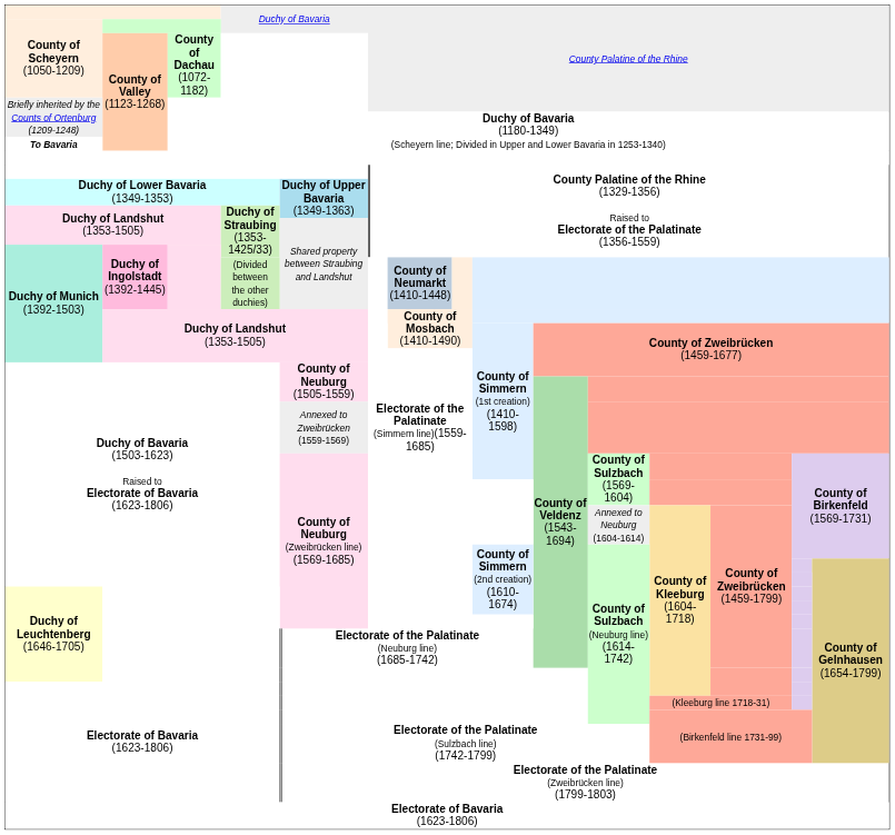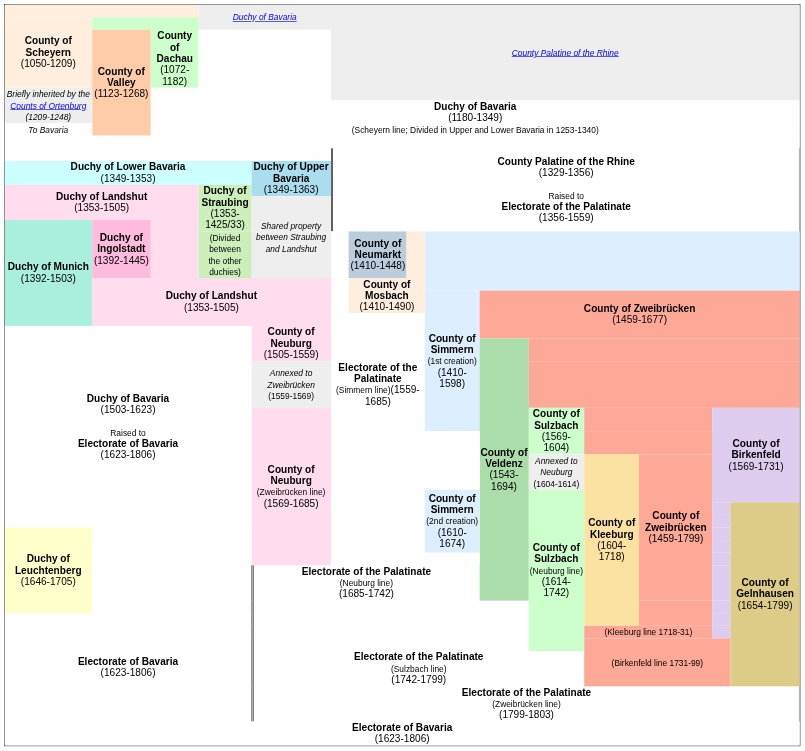 <table style="margin:auto; border-spacing:0; border:1px solid black; text-align:center;">
 <tr>
 <td colspan=3 style="background: #fed;">      </td>
 <td colspan=2 rowspan=3 style="background: #eee;"><small><em><a href='#'>Duchy of Bavaria</a></em></small></td>
 <td colspan=10 rowspan=6 style="background: #eee;"><small><em><a href='#'>County Palatine of the Rhine</a></em></small></td>
 </tr>
 <tr>
 <td colspan=1 rowspan=4 style="background: #fed;"><strong>County of Scheyern</strong><br>(1050-1209)</td>
 <td colspan=2 style="background: #cfc;">      </td>
 </tr>
 <tr>
 <td colspan=1 rowspan="6" style="background: #fca;"><strong>County of Valley</strong><br>(1123-1268)</td>
 <td colspan=1 rowspan="2" style="background: #cfc;"><strong>County of Dachau</strong><br>(1072-1182)</td>
 </tr>
 <tr>
 <td colspan=2 style="background: #fff;">      </td>
 </tr>
 <tr>
 <td colspan=3 rowspan=2 style="background: #fff;">      </td>
 </tr>
 <tr>
 <td colspan=1 rowspan="2" style="background: #eee;"><small><em>Briefly inherited by the <a href='#'>Counts of Ortenburg</a><br>(1209-1248)</em></small></td>
 </tr>
 <tr>
 <td colspan=14 rowspan="2" style="background: #fff;"><strong>Duchy of Bavaria</strong><br>(1180-1349)<br><small>(Scheyern line; Divided in <span>Upper</span> and <span>Lower</span> Bavaria in 1253-1340)</small></td>
 </tr>
 <tr>
-<td colspan=1 style="background: #fff;"><strong><small><em>To Bavaria</em></small></strong></td>
+<td colspan=1 style="background: #fff;"><small><em>To Bavaria</em></small></td>
 </tr>
 <tr>
 <td colspan=15 style="background: #fff;">      </td>
 </tr>
 <tr>
 <td colspan=5 style="background: #fff;">      </td>
 <td colspan=10 rowspan=5 style="border-left: double;"  style="background: #fff;"><strong>County Palatine of the Rhine</strong><br>(1329-1356)<br><br><small>Raised to</small><br><strong>Electorate of the Palatinate</strong><br>(1356-1559)</td>
 </tr>
 <tr>
 <td colspan=4 style="background: #cff;"><strong>Duchy of Lower Bavaria</strong><br>(1349-1353)</td>
 <td colspan=1 rowspan="2" style="background: #ade;"><strong>Duchy of Upper Bavaria</strong><br>(1349-1363)</td>
 </tr>
 <tr>
 <td colspan=3 rowspan="2" style="background: #fde;"><strong>Duchy of Landshut</strong><br>(1353-1505)</td>
 <td colspan=1 rowspan=3 style="background: #ceb;"><strong>Duchy of<br>Straubing</strong><br>(1353-1425/33)</td>
 </tr>
 <tr>
 <td colspan=1 rowspan=3 style="background: #eee;"><em><small>Shared property between Straubing and Landshut</small></em></td>
 </tr>
 <tr>
 <td colspan=1 rowspan=5 style="background: #aed;"><strong>Duchy of Munich</strong><br>(1392-1503)</td>
 <td colspan=1 rowspan=2 style="background: #fbd;"><strong>Duchy of Ingolstadt</strong><br>(1392-1445)</td>
 <td colspan=1 rowspan=2 style="background: #fde;">      </td>
 </tr>
 <tr>
 <td colspan=1 style="background: #ceb;"><small>(Divided between<br>the other duchies)</small></td>
 <td colspan=1 style="background: #fff;">      </td>
 <td colspan=1 style="background: #bcd;"><strong>County of Neumarkt</strong><br>(1410-1448)</td>
 <td colspan=1 style="background: #fedf;">      </td>
 <td colspan=7 style="background: #def;">      </td>
 </tr>
 <tr>
 <td colspan=4 rowspan=3 style="background: #fde;"><strong>Duchy of Landshut</strong><br>(1353-1505)</td>
 <td colspan=1 style="background: #fff;">      </td>
 <td colspan=2 rowspan=2 style="background: #fedf;"><strong>County of<br>Mosbach</strong><br>(1410-1490)</td>
 <td colspan=7 style="background: #def;">      </td>
 </tr>
 <tr>
 <td colspan=1 style="background: #fff;">      </td>
 <td colspan=1 rowspan=6 style="background: #def;"><strong>County of Simmern</strong><br><small>(1st creation)</small><br>(1410-1598)</td>
 <td colspan=6 rowspan=3 style="background: #fea898;"><strong>County of Zweibrücken</strong><br>(1459-1677)</td>
 </tr>
 <tr>
 <td colspan=3 style="background: #fff;">      </td>
 </tr>
 <tr>
 <td colspan=4 rowspan=9 style="background: #fff;"><strong>Duchy of Bavaria</strong><br>(1503-1623)<br><br><small>Raised to</small><br><strong>Electorate of Bavaria</strong><br>(1623-1806)</td>
 <td colspan=1 rowspan="2" style="background: #fde;"><strong>County of Neuburg</strong><br>(1505-1559)</td>
 <td colspan=3 style="background: #fff;">      </td>
 </tr>
 <tr>
 <td colspan=3 style="background: #fff;">      </td>
 <td colspan=1 rowspan=12 style="background: #ada;"><strong>County of Veldenz</strong><br>(1543-1694)</td>
 <td colspan=5 style="background: #fea898;">      </td>
 </tr>
 <tr>
 <td colspan=1 style="background: #eee;"><small><em>Annexed to Zweibrücken</em><br>(1559-1569)</small></td>
 <td colspan=3 style="background: #fff;"><strong>Electorate of the Palatinate</strong><br><small>(<span>Simmern line</span>)</small>(1559-1685)</td>
 <td colspan=5 style="background: #fea898;">      </td>
 </tr>
 <tr>
 <td colspan=1 rowspan="9" style="background: #fde;"><strong>County of Neuburg</strong><br><small>(<span>Zweibrücken line</span>)</small><br>(1569-1685)</td>
 <td colspan=3 style="background: #fff;">      </td>
 <td colspan=1 rowspan="2" style="background: #cfc;"><strong>County of Sulzbach</strong><br>(1569-1604)</td>
 <td colspan=2 style="background: #fea898;"></td>
 <td colspan=2 rowspan=4 style="background: #dce;"><strong>County of Birkenfeld</strong><br>(1569-1731)</td>
 </tr>
 <tr>
 <td colspan=4 style="background: #fff;">      </td>
 <td colspan=2 style="background: #fea898;">      </td>
 </tr>
 <tr>
 <td colspan=4 style="background: #fff;">      </td>
 <td colspan=1 style="background: #eee;"><small><em>Annexed to Neuburg</em><br>(1604-1614)</small></td>
 <td colspan=1 rowspan=10 style="background: #fbe2a2;"><strong>County of Kleeburg</strong><br>(1604-1718)</td>
 <td colspan=1 rowspan=8 style="background: #fea898;"><strong>County of Zweibrücken</strong><br>(1459-1799)</td>
 </tr>
 <tr>
 <td colspan=3 style="background: #fff;">      </td>
 <td colspan=1 rowspan=5 style="background: #def;"><strong>County of Simmern</strong><br><small>(2nd creation)</small><br>(1610-1674)</td>
 <td colspan=1 rowspan=11 style="background: #cfc;"><strong>County of Sulzbach</strong><br><small>(<span>Neuburg line</span>)</small><br>(1614-1742)</td>
 </tr>
 <tr>
 <td colspan=3 style="background: #fff;">      </td>
 <td colspan=1 style="background: #dce;">      </td>
 <td colspan=1 rowspan=11 style="background: #dc8;"><strong>County of Gelnhausen</strong><br>(1654-1799)</td>
 </tr>
 <tr>
 <td colspan=3 style="background: #fff;">      </td>
 <td colspan=1 style="background: #dce;">      </td>
 </tr>
 <tr>
 <td colspan=1 rowspan=5 style="background: #ffc;"><strong>Duchy of Leuchtenberg</strong><br>(1646-1705)</td>
 <td colspan=3 rowspan=5 style="background: #fff;">      </td>
 <td colspan=3 style="background: #fff;">      </td>
 <td colspan=1 style="background: #dce;">      </td>
 </tr>
 <tr>
 <td colspan=3 style="background: #fff;">      </td>
 <td colspan=1 style="background: #dce;">      </td>
 </tr>
 <tr>
 <td colspan=4 style="background: #fff;">      </td>
 <td colspan=1 style="background: #dce;">      </td>
 </tr>
 <tr>
 <td colspan=5 style="border-left: double;" "background: #fff;"><strong>Electorate of the Palatinate</strong><br><small>(<span>Neuburg line</span>)</small><br>(1685-1742)</td>
 <td colspan=1 style="background: #dce;">      </td>
 </tr>
 <tr>
 <td colspan=6 style="border-left: double;" "background: #fff;">      </td>
 <td colspan=1 rowspan=2 style="background: #fea898;">      </td>
 <td colspan=1 style="background: #dce;">      </td>
 </tr>
 <tr>
 <td colspan=4 rowspan=5 style="background: #fff;"><strong>Electorate of Bavaria</strong><br>(1623-1806)</td>
 <td colspan=6 style="border-left: double;" "background: #fff;">      </td>
 <td colspan=1 style="background: #dce;">      </td>
 </tr>
 <tr>
 <td colspan=6 style="border-left: double;" "background: #fff;">      </td>
 <td colspan=2 style="background: #fea898;"><small>(<span>Kleeburg line 1718-31</span>)</small></td>
 <td colspan=1 style="background: #dce;">      </td>
 </tr>
 <tr>
 <td colspan=6 style="border-left: double;" "background: #fff;">      </td>
 <td colspan=3 rowspan=2 style="background: #fea898;"><small>(<span>Birkenfeld line 1731-99</span>)</small></td>
 </tr>
 <tr>
 <td colspan=7 style="border-left: double;" "background: #fff;"><strong>Electorate of the Palatinate</strong><br><small>(<span>Sulzbach line</span>)</small><br>(1742-1799)</td>
 </tr>
 <tr>
 <td colspan=12 style="border-left: double;" "background: #fff;"><strong>Electorate of the Palatinate</strong><br><small>(<span>Zweibrücken line</span>)</small><br>(1799-1803)</td>
 </tr>
 <tr>
 <td colspan=17 style="background: #fff;"><strong>Electorate of Bavaria</strong><br>(1623-1806)</td>
 </tr>
 <tr>
 </tr>
 </table>
